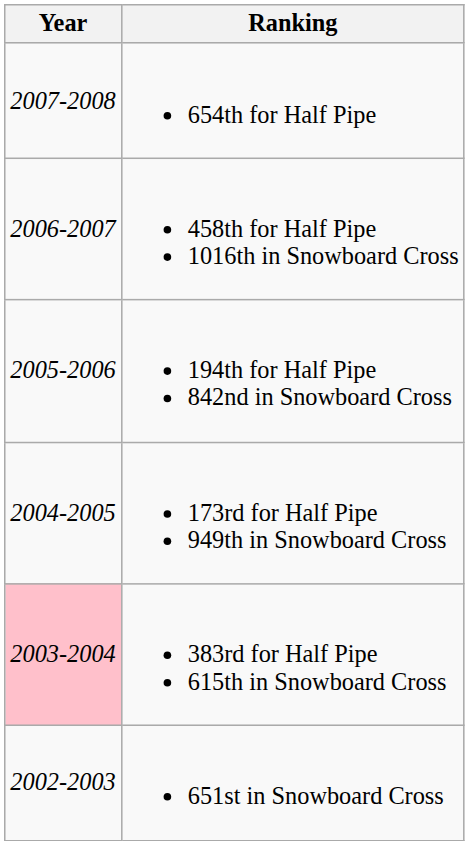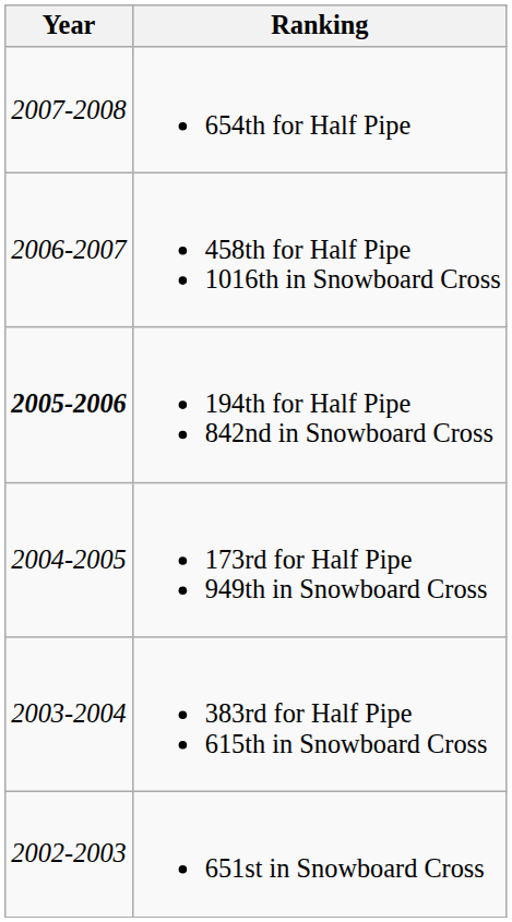 <table class="wikitable">
 <tr>
 <th>Year</th>
 <th>Ranking</th>
 </tr>
 <tr>
 <td><em>2007-2008</em></td>
 <td><br><ul><li>654th for Half Pipe</li></ul></td>
 </tr>
 <tr>
 <td><em>2006-2007</em></td>
 <td><br><ul><li>458th for Half Pipe</li><li>1016th in Snowboard Cross</li></ul></td>
 </tr>
 <tr>
-<td><em>2005-2006</em></td>
+<td><strong><em>2005-2006</em></strong></td>
 <td><br><ul><li>194th for Half Pipe</li><li>842nd in Snowboard Cross</li></ul></td>
 </tr>
 <tr>
 <td><em>2004-2005</em></td>
 <td><br><ul><li>173rd for Half Pipe</li><li>949th in Snowboard Cross</li></ul></td>
 </tr>
 <tr>
-<td style="background: pink;"><em>2003-2004</em></td>
+<td><em>2003-2004</em></td>
 <td><br><ul><li>383rd for Half Pipe</li><li>615th in Snowboard Cross</li></ul></td>
 </tr>
 <tr>
 <td><em>2002-2003</em></td>
 <td><br><ul><li>651st in Snowboard Cross</li></ul></td>
 </tr>
 </table>
